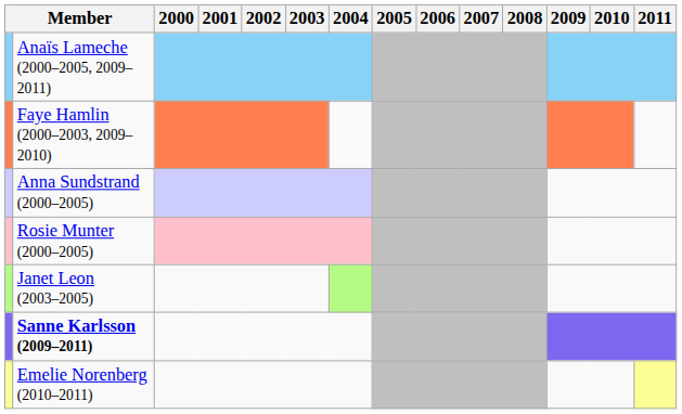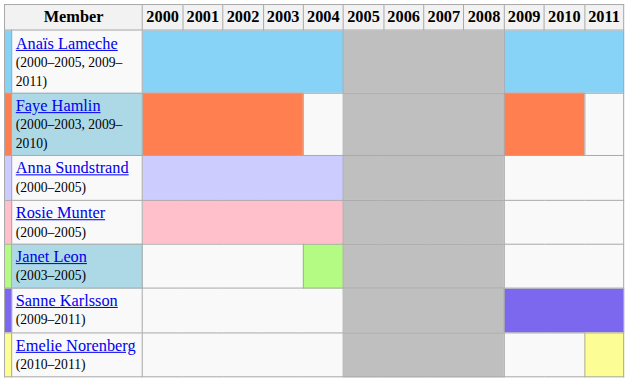 <table class="wikitable">
 <tr>
 <th colspan="2">Member</th>
 <th>2000</th>
 <th>2001</th>
 <th>2002</th>
 <th>2003</th>
 <th>2004</th>
 <th>2005</th>
 <th>2006</th>
 <th>2007</th>
 <th>2008</th>
 <th>2009</th>
 <th>2010</th>
 <th>2011</th>
 </tr>
 <tr>
 <td style="background:#87D3F8"></td>
 <td><a href='#'>Anaïs Lameche</a><br><small>(2000–2005, 2009–2011)</small></td>
 <td colspan="5"  style="text-align:center; background:#87D3F8"></td>
 <td colspan="4"  style="text-align:center; background:#BFBFBF"></td>
 <td colspan="4"  style="text-align:center; background:#87D3F8"></td>
 </tr>
 <tr>
 <td style="background:coral;"></td>
-<td><a href='#'>Faye Hamlin</a><br><small>(2000–2003, 2009–2010)</small></td>
+<td style="background: lightblue;"><a href='#'>Faye Hamlin</a><br><small>(2000–2003, 2009–2010)</small></td>
 <td colspan="4"  style="text-align:center; background:coral;"></td>
 <td colspan="1"></td>
 <td colspan="4"  style="text-align:center; background:#BFBFBF"></td>
 <td colspan="2"  style="text-align:center; background:coral;"></td>
 <td></td>
 </tr>
 <tr>
 <td style="background:#ccf;"></td>
 <td><a href='#'>Anna Sundstrand</a><br><small>(2000–2005)</small></td>
 <td colspan="5" style="text-align:center; background:#ccf;"></td>
 <td colspan="4"  style="text-align:center; background:#BFBFBF"></td>
 <td colspan="4"></td>
 </tr>
 <tr>
 <td style="background:pink"></td>
 <td><a href='#'>Rosie Munter</a><br><small>(2000–2005)</small></td>
 <td colspan="5"  style="text-align:center; background:pink"></td>
 <td colspan="4"  style="text-align:center; background:#BFBFBF"></td>
 <td colspan="4"></td>
 </tr>
 <tr>
 <td style="background:#b4fb84;"></td>
-<td><a href='#'>Janet Leon</a><br><small>(2003–2005)</small></td>
+<td style="background: lightblue;"><a href='#'>Janet Leon</a><br><small>(2003–2005)</small></td>
 <td colspan="4"></td>
 <td colspan="1"  style="text-align:center; background:#b4fb84;"></td>
 <td colspan="4"  style="text-align:center; background:#BFBFBF"></td>
 <td colspan="4"></td>
 </tr>
 <tr>
 <td style="background:#7B68EE"></td>
-<td><strong><a href='#'>Sanne Karlsson</a><br><small>(2009–2011)</small></strong></td>
+<td><a href='#'>Sanne Karlsson</a><br><small>(2009–2011)</small></td>
 <td colspan="5"></td>
 <td colspan="4"  style="text-align:center; background:#BFBFBF"></td>
 <td colspan="4"  style="text-align:center; background:#7B68EE"></td>
 </tr>
 <tr>
 <td style="background:#FDFD96"></td>
 <td><a href='#'>Emelie Norenberg</a><br><small>(2010–2011)</small></td>
 <td colspan="5"></td>
 <td colspan="4"  style="text-align:center; background:#BFBFBF"></td>
 <td colspan="2"></td>
 <td style="text-align:center; background:#FDFD96"></td>
 </tr>
 </table>
